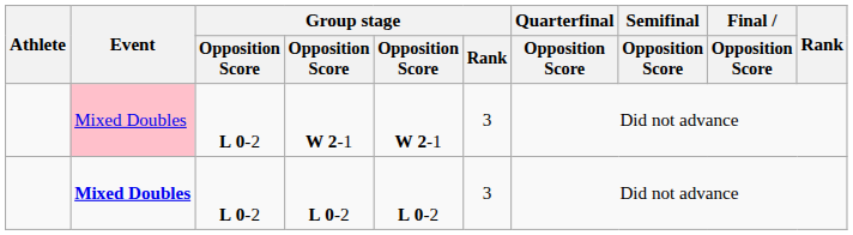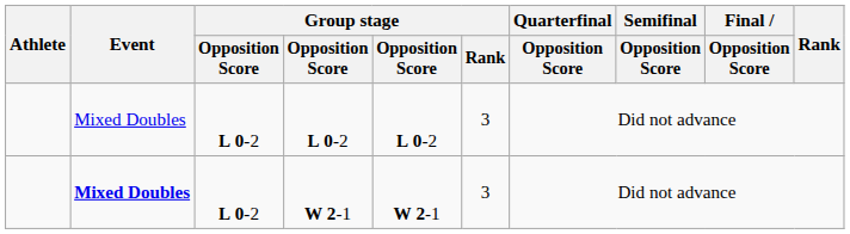 <table class="wikitable" style="font-size:90%">
 <tr>
 <th rowspan=2>Athlete</th>
 <th rowspan=2>Event</th>
 <th colspan=4>Group stage</th>
 <th>Quarterfinal</th>
 <th>Semifinal</th>
 <th>Final / </th>
 <th rowspan=2>Rank</th>
 </tr>
 <tr style="font-size:95%">
 <th>Opposition<br>Score</th>
 <th>Opposition<br>Score</th>
 <th>Opposition<br>Score</th>
 <th>Rank</th>
 <th>Opposition<br>Score</th>
 <th>Opposition<br>Score</th>
 <th>Opposition<br>Score</th>
 </tr>
 <tr align=center>
 <td align=left><br></td>
-<td align=left style="background: pink;"><a href='#'>Mixed Doubles</a></td>
+<td align=left><a href='#'>Mixed Doubles</a></td>
 <td><small><br></small> <br> <strong>L</strong> <strong>0</strong>-2</td>
-<td><small><br></small> <br> <strong>W</strong> <strong>2</strong>-1</td>
-<td><small><br></small> <br> <strong>W</strong> <strong>2</strong>-1</td>
+<td><small><br></small> <br> <strong>L</strong> <strong>0</strong>-2</td>
+<td><small><br></small> <br> <strong>L</strong> <strong>0</strong>-2</td>
 <td>3</td>
 <td colspan=4>Did not advance</td>
 </tr>
 <tr align=center>
 <td align=left><br></td>
 <td align=left><strong><a href='#'>Mixed Doubles</a></strong></td>
 <td><small><br></small> <br> <strong>L</strong> <strong>0</strong>-2</td>
-<td><small><br></small> <br> <strong>L</strong> <strong>0</strong>-2</td>
-<td><small><br></small> <br> <strong>L</strong> <strong>0</strong>-2</td>
+<td><small><br></small> <br> <strong>W</strong> <strong>2</strong>-1</td>
+<td><small><br></small> <br> <strong>W</strong> <strong>2</strong>-1</td>
 <td>3</td>
 <td colspan=4>Did not advance</td>
 </tr>
 </table>
